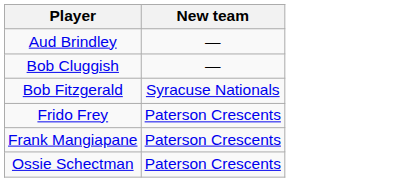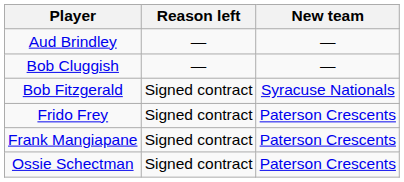 <table class="wikitable sortable sortable" style="text-align: center">
 <tr>
 <th>Player</th>
+<th>Reason left</th>
 <th>New team</th>
 </tr>
 <tr style="text-align: center">
 <td><a href='#'>Aud Brindley</a></td>
 <td>—</td>
+<td>—</td>
 </tr>
 <tr style="text-align: center">
 <td><a href='#'>Bob Cluggish</a></td>
 <td>—</td>
+<td>—</td>
 </tr>
 <tr style="text-align: center">
 <td><a href='#'>Bob Fitzgerald</a></td>
+<td>Signed contract</td>
 <td><a href='#'>Syracuse Nationals</a></td>
 </tr>
 <tr style="text-align: center">
 <td><a href='#'>Frido Frey</a></td>
+<td>Signed contract</td>
 <td><a href='#'>Paterson Crescents</a></td>
 </tr>
 <tr style="text-align: center">
 <td><a href='#'>Frank Mangiapane</a></td>
+<td>Signed contract</td>
 <td><a href='#'>Paterson Crescents</a></td>
 </tr>
 <tr style="text-align: center">
 <td><a href='#'>Ossie Schectman</a></td>
+<td>Signed contract</td>
 <td><a href='#'>Paterson Crescents</a></td>
 </tr>
 </table>
